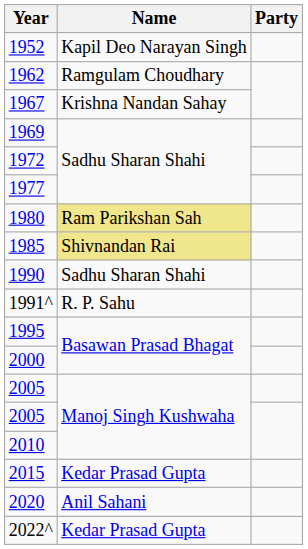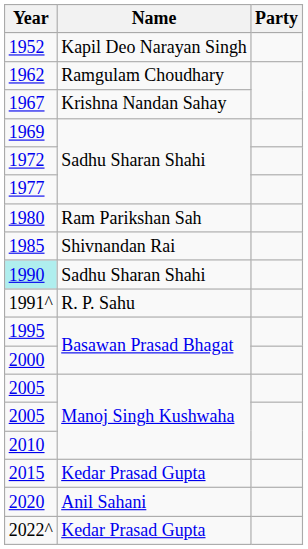 <table class="wikitable sortable">
 <tr>
 <th>Year</th>
 <th>Name</th>
 <th colspan="2">Party</th>
 </tr>
 <tr>
 <td><a href='#'>1952</a></td>
 <td>Kapil Deo Narayan Singh</td>
 <td></td>
 </tr>
 <tr>
 <td><a href='#'>1962</a></td>
 <td>Ramgulam Choudhary</td>
 </tr>
 <tr>
 <td><a href='#'>1967</a></td>
 <td>Krishna Nandan Sahay</td>
 </tr>
 <tr>
 <td><a href='#'>1969</a></td>
 <td rowspan="3">Sadhu Sharan Shahi</td>
 <td></td>
 </tr>
 <tr>
 <td><a href='#'>1972</a></td>
 <td></td>
 </tr>
 <tr>
 <td><a href='#'>1977</a></td>
 <td></td>
 </tr>
 <tr>
 <td><a href='#'>1980</a></td>
-<td style="background: khaki;">Ram Parikshan Sah</td>
+<td>Ram Parikshan Sah</td>
 <td></td>
 </tr>
 <tr>
 <td><a href='#'>1985</a></td>
-<td style="background: khaki;">Shivnandan Rai</td>
+<td>Shivnandan Rai</td>
 <td></td>
 </tr>
 <tr>
-<td><a href='#'>1990</a></td>
+<td style="background: paleturquoise;"><a href='#'>1990</a></td>
 <td>Sadhu Sharan Shahi</td>
 <td></td>
 </tr>
 <tr>
 <td>1991^</td>
 <td>R. P. Sahu</td>
 <td></td>
 </tr>
 <tr>
 <td><a href='#'>1995</a></td>
 <td rowspan="2"><a href='#'>Basawan Prasad Bhagat</a></td>
 </tr>
 <tr>
 <td><a href='#'>2000</a></td>
 <td></td>
 </tr>
 <tr>
 <td><a href='#'>2005</a></td>
 <td rowspan="3"><a href='#'>Manoj Singh Kushwaha</a></td>
 <td></td>
 </tr>
 <tr>
 <td><a href='#'>2005</a></td>
 </tr>
 <tr>
 <td><a href='#'>2010</a></td>
 </tr>
 <tr>
 <td><a href='#'>2015</a></td>
 <td><a href='#'>Kedar Prasad Gupta</a></td>
 <td></td>
 </tr>
 <tr>
 <td><a href='#'>2020</a></td>
 <td><a href='#'>Anil Sahani</a></td>
 <td></td>
 </tr>
 <tr>
 <td>2022^</td>
 <td><a href='#'>Kedar Prasad Gupta</a></td>
 <td></td>
 </tr>
 </table>
